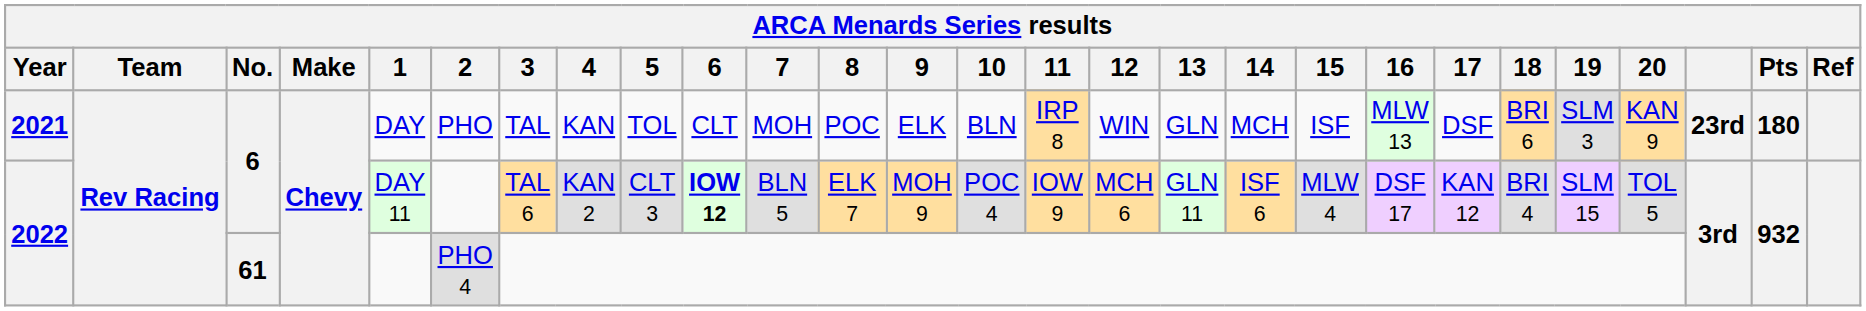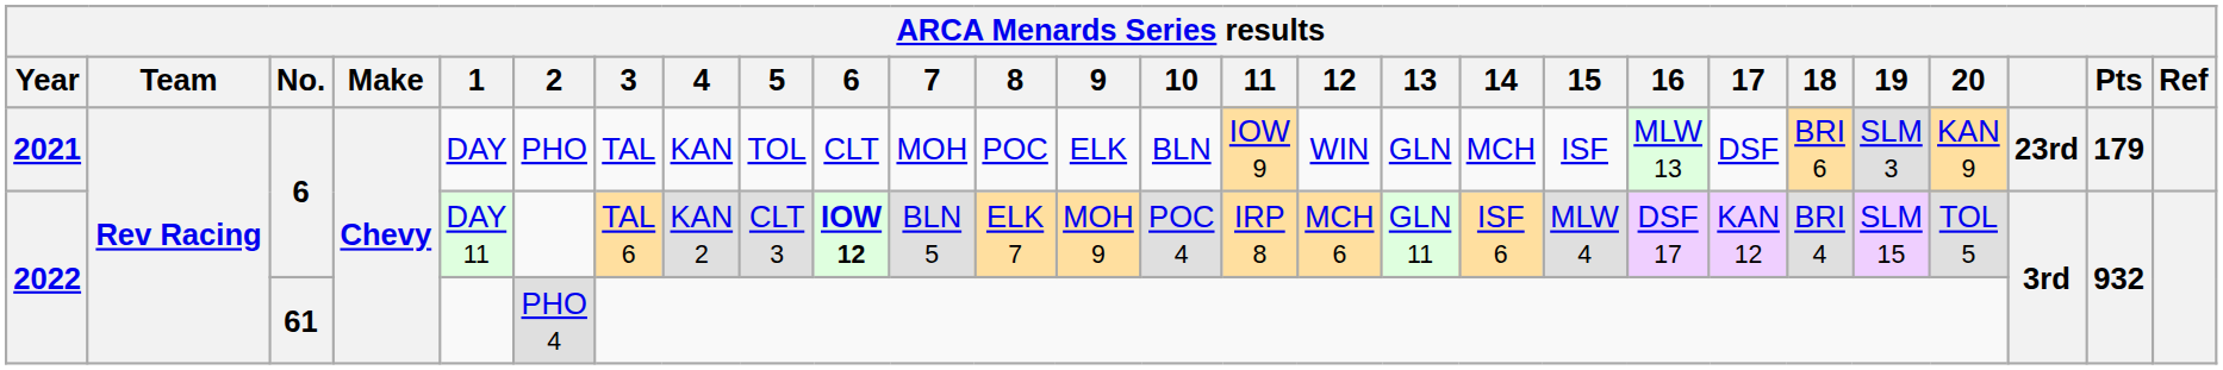 <table class="wikitable" style="text-align:center; font-size:75%">
 <tr>
 <th colspan=27><a href='#'>ARCA Menards Series</a> results</th>
 </tr>
 <tr>
 <th>Year</th>
 <th>Team</th>
 <th>No.</th>
 <th>Make</th>
 <th>1</th>
 <th>2</th>
 <th>3</th>
 <th>4</th>
 <th>5</th>
 <th>6</th>
 <th>7</th>
 <th>8</th>
 <th>9</th>
 <th>10</th>
 <th>11</th>
 <th>12</th>
 <th>13</th>
 <th>14</th>
 <th>15</th>
 <th>16</th>
 <th>17</th>
 <th>18</th>
 <th>19</th>
 <th>20</th>
 <th></th>
 <th>Pts</th>
 <th>Ref</th>
 </tr>
 <tr>
 <th><a href='#'>2021</a></th>
 <th rowspan=3><a href='#'>Rev Racing</a></th>
 <th rowspan=2>6</th>
 <th rowspan=3><a href='#'>Chevy</a></th>
 <td><a href='#'>DAY</a></td>
 <td><a href='#'>PHO</a></td>
 <td><a href='#'>TAL</a></td>
 <td><a href='#'>KAN</a></td>
 <td><a href='#'>TOL</a></td>
 <td><a href='#'>CLT</a></td>
 <td><a href='#'>MOH</a></td>
 <td><a href='#'>POC</a></td>
 <td><a href='#'>ELK</a></td>
 <td><a href='#'>BLN</a></td>
-<td style="background:#FFDF9F;"><a href='#'>IRP</a><br><small>8</small></td>
+<td style="background:#FFDF9F;"><a href='#'>IOW</a><br><small>9</small></td>
 <td><a href='#'>WIN</a></td>
 <td><a href='#'>GLN</a></td>
 <td><a href='#'>MCH</a></td>
 <td><a href='#'>ISF</a></td>
 <td style="background:#DFFFDF;"><a href='#'>MLW</a><br><small>13</small></td>
 <td><a href='#'>DSF</a></td>
 <td style="background:#FFDF9F;"><a href='#'>BRI</a><br><small>6</small></td>
 <td style="background:#DFDFDF;"><a href='#'>SLM</a><br><small>3</small></td>
 <td style="background:#FFDF9F;'"><a href='#'>KAN</a><br><small>9</small></td>
 <th>23rd</th>
-<th>180</th>
+<th>179</th>
 <th></th>
 </tr>
 <tr>
 <th rowspan=2><a href='#'>2022</a></th>
 <td style="background:#DFFFDF;"><a href='#'>DAY</a><br><small>11</small></td>
 <td></td>
 <td style="background:#FFDF9F;"><a href='#'>TAL</a><br><small>6</small></td>
 <td style="background:#DFDFDF;"><a href='#'>KAN</a><br><small>2</small></td>
 <td style="background:#DFDFDF;"><a href='#'>CLT</a><br><small>3</small></td>
 <td style="background:#DFFFDF;"><strong><a href='#'>IOW</a><br><small>12</small></strong></td>
 <td style="background:#DFDFDF;"><a href='#'>BLN</a><br><small>5</small></td>
 <td style="background:#FFDF9F;"><a href='#'>ELK</a><br><small>7</small></td>
 <td style="background:#FFDF9F;"><a href='#'>MOH</a><br><small>9</small></td>
 <td style="background:#DFDFDF;"><a href='#'>POC</a><br><small>4</small></td>
-<td style="background:#FFDF9F;"><a href='#'>IOW</a><br><small>9</small></td>
+<td style="background:#FFDF9F;"><a href='#'>IRP</a><br><small>8</small></td>
 <td style="background:#FFDF9F;"><a href='#'>MCH</a><br><small>6</small></td>
 <td style="background:#DFFFDF;"><a href='#'>GLN</a><br><small>11</small></td>
 <td style="background:#FFDF9F;"><a href='#'>ISF</a><br><small>6</small></td>
 <td style="background:#DFDFDF;"><a href='#'>MLW</a><br><small>4</small></td>
 <td style="background:#EFCFFF;"><a href='#'>DSF</a><br><small>17</small></td>
 <td style="background:#EFCFFF;"><a href='#'>KAN</a><br><small>12</small></td>
 <td style="background:#DFDFDF;"><a href='#'>BRI</a><br><small>4</small></td>
 <td style="background:#EFCFFF;"><a href='#'>SLM</a><br><small>15</small></td>
 <td style="background:#DFDFDF;"><a href='#'>TOL</a><br><small>5</small></td>
 <th rowspan=2>3rd</th>
 <th rowspan=2>932</th>
 <th rowspan=2></th>
 </tr>
 <tr>
 <th>61</th>
 <td></td>
 <td style="background:#DFDFDF;"><a href='#'>PHO</a><br><small>4</small></td>
 <td colspan=18></td>
 </tr>
 </table>
